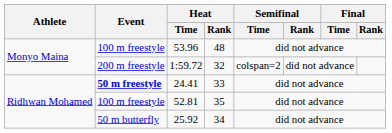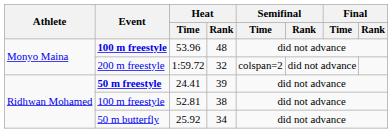 <table class=wikitable style=font-size:90%>
 <tr>
 <th rowspan=2>Athlete</th>
 <th rowspan=2>Event</th>
 <th colspan=2>Heat</th>
 <th colspan=2>Semifinal</th>
 <th colspan=2>Final</th>
 </tr>
 <tr style=font-size:95%>
 <th>Time</th>
 <th>Rank</th>
 <th>Time</th>
 <th>Rank</th>
 <th>Time</th>
 <th>Rank</th>
 </tr>
 <tr align=center>
 <td align=left rowspan=2><a href='#'>Monyo Maina</a></td>
-<td align=left rowspan="1"><a href='#'>100 m freestyle</a></td>
+<td align=left rowspan="1"><strong><a href='#'>100 m freestyle</a></strong></td>
 <td>53.96</td>
 <td>48</td>
 <td colspan="4">did not advance</td>
 </tr>
 <tr align=center>
 <td align=left rowspan="1"><a href='#'>200 m freestyle</a></td>
 <td>1:59.72</td>
 <td>32</td>
 <td>colspan=2 </td>
 <td colspan="2">did not advance</td>
 </tr>
 <tr align=center>
 <td align=left rowspan=3><a href='#'>Ridhwan Mohamed</a></td>
 <td align=left rowspan="1"><strong><a href='#'>50 m freestyle</a></strong></td>
 <td>24.41</td>
-<td>33</td>
+<td>39</td>
 <td colspan="4">did not advance</td>
 </tr>
 <tr align=center>
 <td align=left rowspan="1"><a href='#'>100 m freestyle</a></td>
 <td>52.81</td>
-<td>35</td>
+<td>38</td>
 <td colspan="4">did not advance</td>
 </tr>
 <tr align=center>
 <td align=left rowspan="1"><a href='#'>50 m butterfly</a></td>
 <td>25.92</td>
 <td>34</td>
 <td colspan="4">did not advance</td>
 </tr>
 </table>
